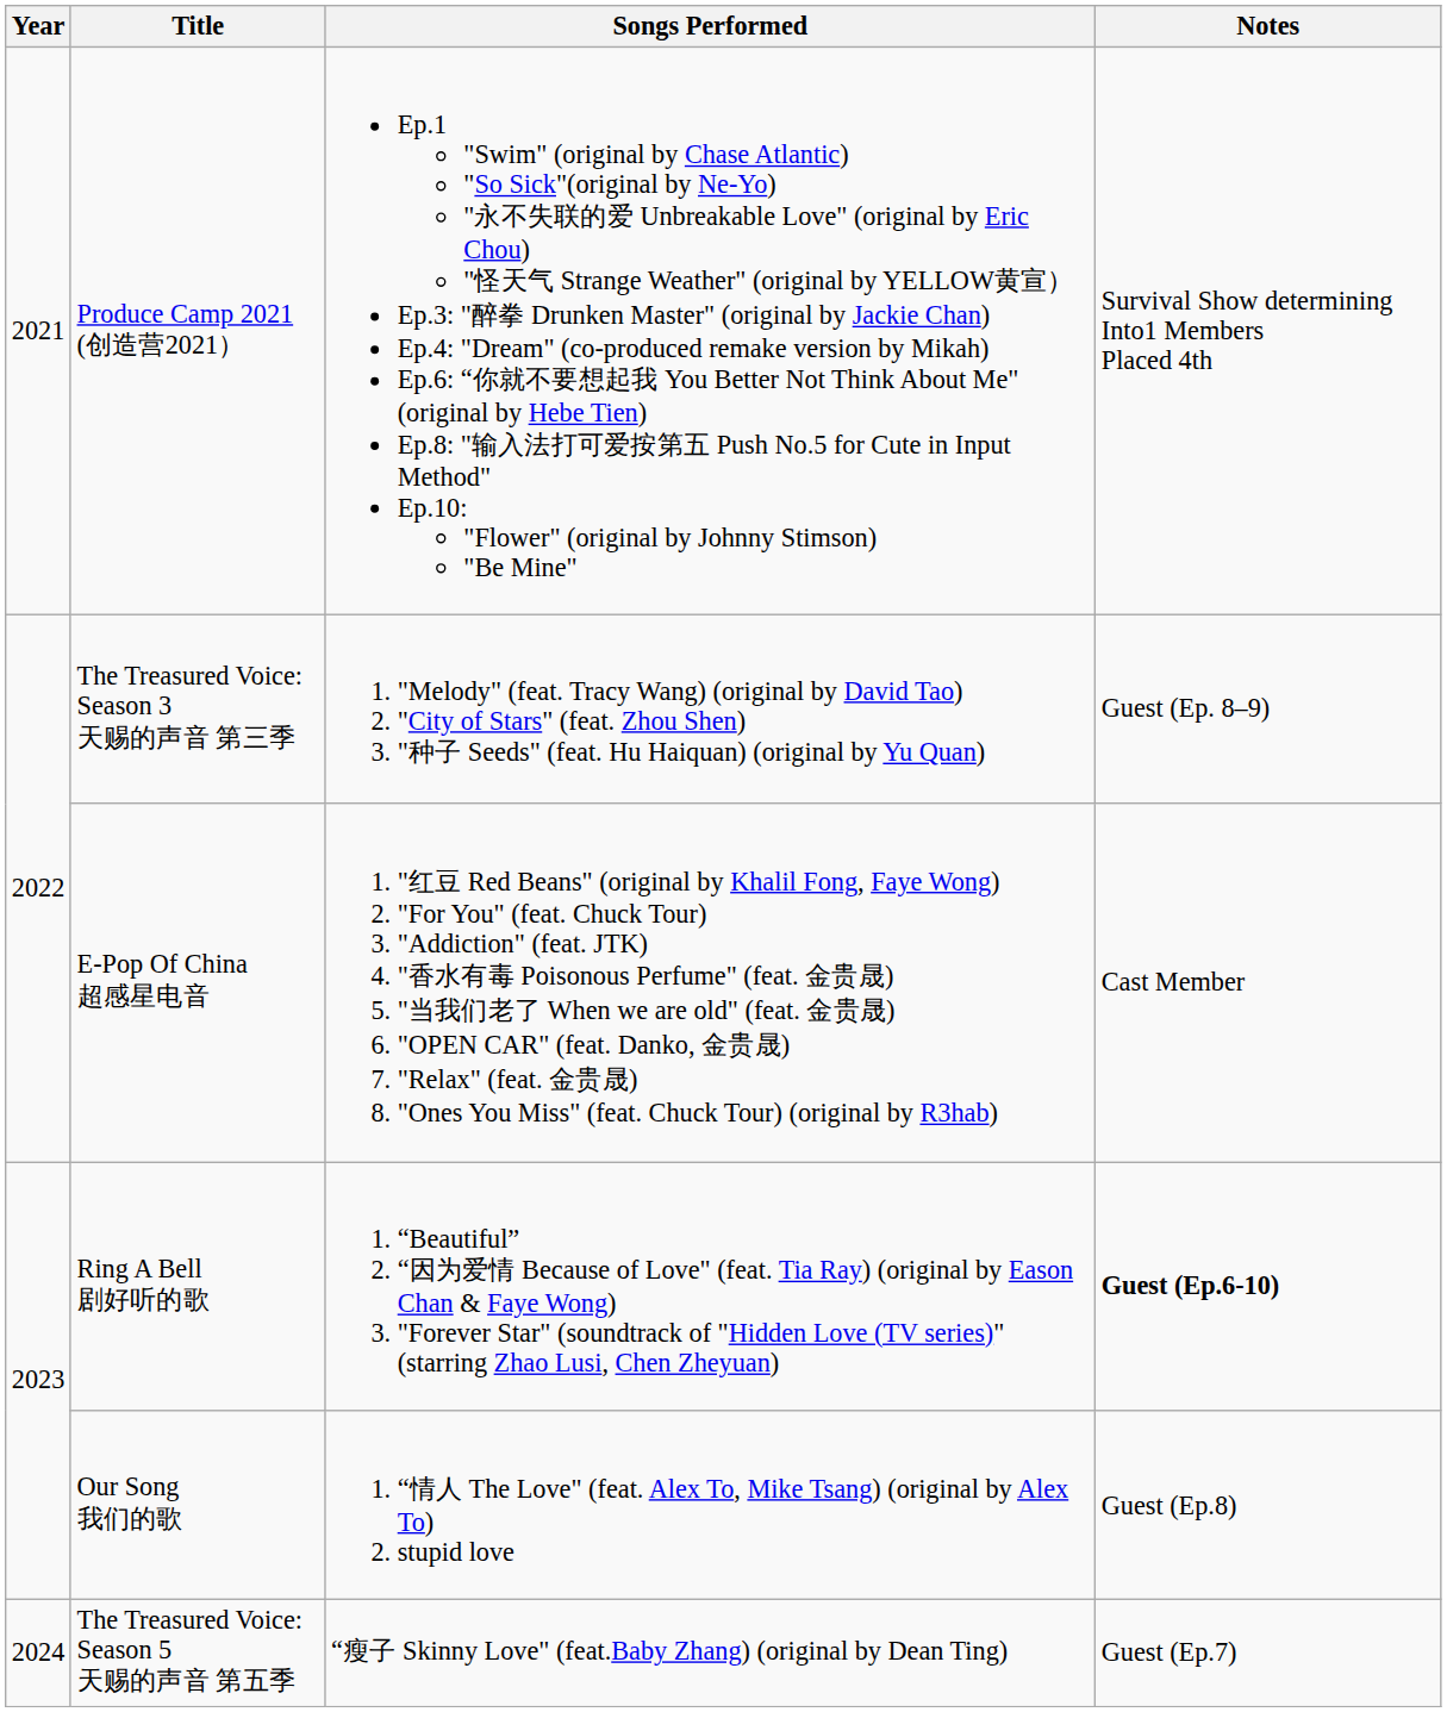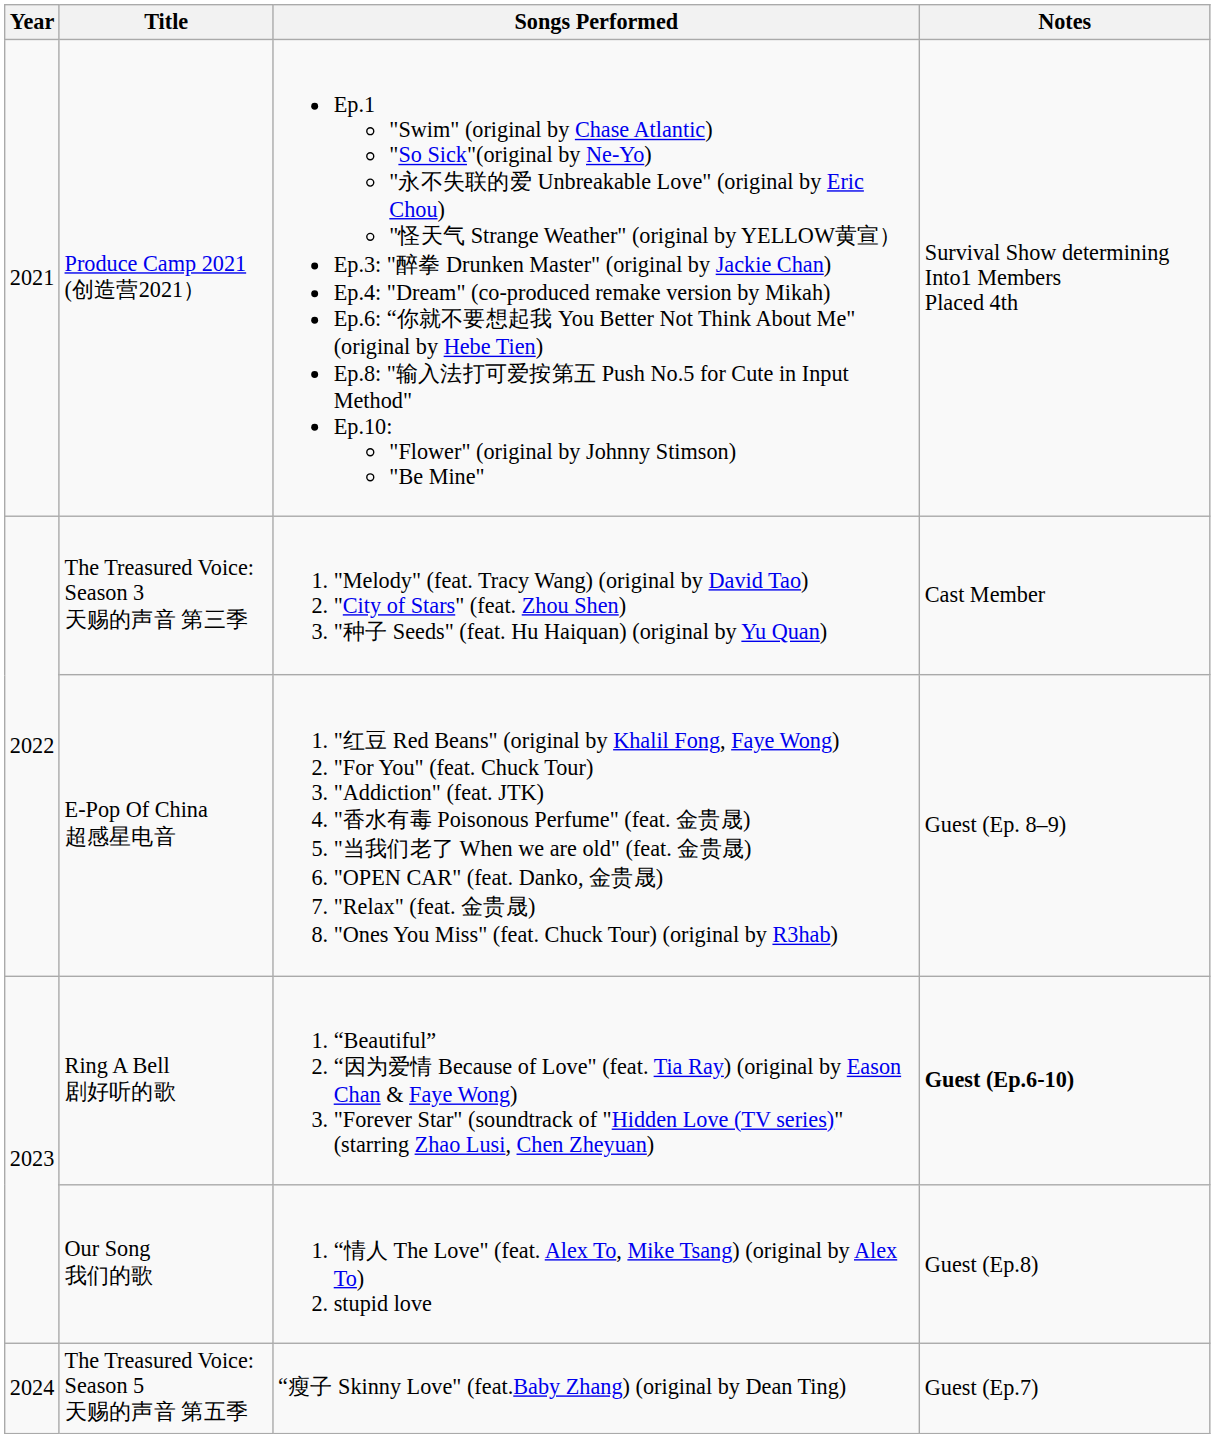 <table class="wikitable">
 <tr>
 <th>Year</th>
 <th>Title</th>
 <th>Songs Performed</th>
 <th>Notes</th>
 </tr>
 <tr>
 <td>2021</td>
 <td><a href='#'>Produce Camp 2021</a><br>(创造营2021）</td>
 <td><br><ul><li>Ep.1<ul><li>"Swim" (original by <a href='#'>Chase Atlantic</a>)</li><li>"<a href='#'>So Sick</a>"(original by <a href='#'>Ne-Yo</a>)</li><li>"永不失联的爱 Unbreakable Love" (original by <a href='#'>Eric Chou</a>)</li><li>"怪天气 Strange Weather" (original by YELLOW黄宣）</li></ul></li><li>Ep.3: "醉拳 Drunken Master" (original by <a href='#'>Jackie Chan</a>)</li><li>Ep.4: "Dream" (co-produced remake version by Mikah)</li><li>Ep.6: “你就不要想起我 You Better Not Think About Me" (original by <a href='#'>Hebe Tien</a>)</li><li>Ep.8: "输入法打可爱按第五 Push No.5 for Cute in Input Method"</li><li>Ep.10:<ul><li>"Flower" (original by Johnny Stimson)</li><li>"Be Mine"</li></ul></li></ul></td>
 <td>Survival Show determining Into1 Members<br>Placed 4th</td>
 </tr>
 <tr>
 <td rowspan="2">2022</td>
 <td>The Treasured Voice: Season 3<br>天赐的声音 第三季</td>
 <td><br><ol><li>"Melody" (feat. Tracy Wang) (original by <a href='#'>David Tao</a>)</li><li>"<a href='#'>City of Stars</a>" (feat. <a href='#'>Zhou Shen</a>)</li><li>"种子 Seeds" (feat. Hu Haiquan) (original by <a href='#'>Yu Quan</a>)</li></ol></td>
-<td>Guest (Ep. 8–9)</td>
+<td>Cast Member</td>
 </tr>
 <tr>
 <td>E-Pop Of China<br>超感星电音</td>
 <td><br><ol><li>"红豆 Red Beans" (original by <a href='#'>Khalil Fong</a>, <a href='#'>Faye Wong</a>)</li><li>"For You" (feat. Chuck Tour)</li><li>"Addiction" (feat. JTK)</li><li>"香水有毒 Poisonous Perfume" (feat. 金贵晟)</li><li>"当我们老了 When we are old" (feat. 金贵晟)</li><li>"OPEN CAR" (feat. Danko, 金贵晟)</li><li>"Relax" (feat. 金贵晟)</li><li>"Ones You Miss" (feat. Chuck Tour) (original by <a href='#'>R3hab</a>)</li></ol></td>
-<td>Cast Member</td>
+<td>Guest (Ep. 8–9)</td>
 </tr>
 <tr>
 <td rowspan="2">2023</td>
 <td>Ring A Bell<br>剧好听的歌</td>
 <td><br><ol><li>“Beautiful”</li><li>“因为爱情 Because of Love" (feat. <a href='#'>Tia Ray</a>) (original by <a href='#'>Eason Chan</a> & <a href='#'>Faye Wong</a>)</li><li>"Forever Star" (soundtrack of "<a href='#'>Hidden Love (TV series)</a>" (starring <a href='#'>Zhao Lusi</a>, <a href='#'>Chen Zheyuan</a>)</li></ol></td>
 <td><strong>Guest (Ep.6-10)</strong></td>
 </tr>
 <tr>
 <td>Our Song<br>我们的歌</td>
 <td><br><ol><li>“情人 The Love" (feat. <a href='#'>Alex To</a>, <a href='#'>Mike Tsang</a>) (original by <a href='#'>Alex To</a>)</li><li>stupid love</li></ol></td>
 <td>Guest (Ep.8)</td>
 </tr>
 <tr>
 <td>2024</td>
 <td>The Treasured Voice: Season 5<br>天赐的声音 第五季</td>
 <td>“瘦子 Skinny Love" (feat.<a href='#'>Baby Zhang</a>) (original by Dean Ting)</td>
 <td>Guest (Ep.7)</td>
 </tr>
 </table>
